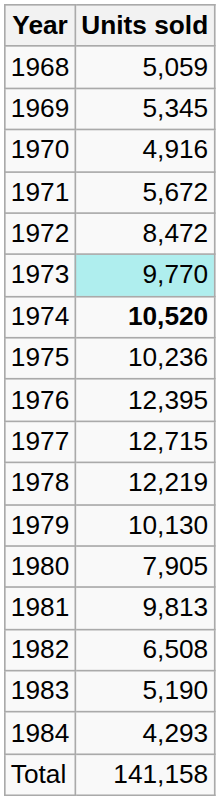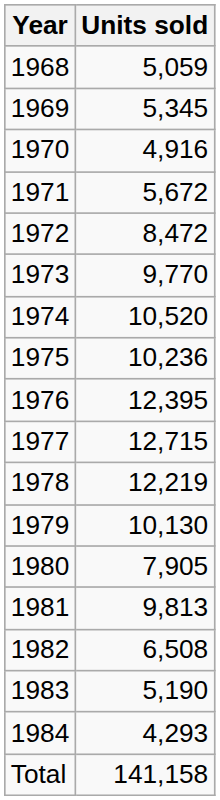 <table class="wikitable sortable">
 <tr>
 <th>Year</th>
 <th>Units sold</th>
 </tr>
 <tr>
 <td>1968</td>
 <td align="right">5,059</td>
 </tr>
 <tr>
 <td>1969</td>
 <td align="right">5,345</td>
 </tr>
 <tr>
 <td>1970</td>
 <td align="right">4,916</td>
 </tr>
 <tr>
 <td>1971</td>
 <td align="right">5,672</td>
 </tr>
 <tr>
 <td>1972</td>
 <td align="right">8,472</td>
 </tr>
 <tr>
 <td>1973</td>
-<td align="right" style="background: paleturquoise;">9,770</td>
+<td align="right">9,770</td>
 </tr>
 <tr>
 <td>1974</td>
-<td align="right"><strong>10,520</strong></td>
+<td align="right">10,520</td>
 </tr>
 <tr>
 <td>1975</td>
 <td align="right">10,236</td>
 </tr>
 <tr>
 <td>1976</td>
 <td align="right">12,395</td>
 </tr>
 <tr>
 <td>1977</td>
 <td align="right">12,715</td>
 </tr>
 <tr>
 <td>1978</td>
 <td align="right">12,219</td>
 </tr>
 <tr>
 <td>1979</td>
 <td align="right">10,130</td>
 </tr>
 <tr>
 <td>1980</td>
 <td align="right">7,905</td>
 </tr>
 <tr>
 <td>1981</td>
 <td align="right">9,813</td>
 </tr>
 <tr>
 <td>1982</td>
 <td align="right">6,508</td>
 </tr>
 <tr>
 <td>1983</td>
 <td align="right">5,190</td>
 </tr>
 <tr>
 <td>1984</td>
 <td align="right">4,293</td>
 </tr>
 <tr>
 <td>Total</td>
 <td align="right">141,158</td>
 </tr>
 </table>
